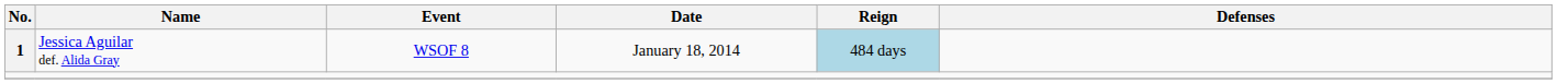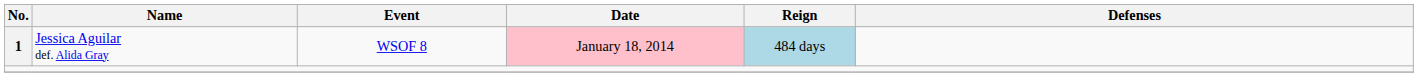 <table class="wikitable" width=100%>
 <tr>
 <th width=1%>No.</th>
 <th width=19%>Name</th>
 <th width=15%>Event</th>
 <th width=17%>Date</th>
 <th width=8%>Reign</th>
 <th width=40%>Defenses</th>
 </tr>
 <tr>
 <th>1</th>
 <td> <a href='#'>Jessica Aguilar</a><br><small>def. <a href='#'>Alida Gray</a></small></td>
 <td align=center><a href='#'>WSOF 8</a><br></td>
-<td align=center>January 18, 2014</td>
+<td align=center style="background: pink;">January 18, 2014</td>
 <td align=center style="background: lightblue;">484 days</td>
 <td><br><br> </td>
 </tr>
 <tr>
 <td align="center" colspan="6"></td>
 </tr>
 <tr>
 </tr>
 </table>
